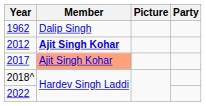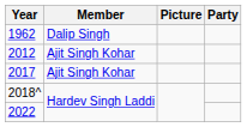 <table class="wikitable sortable">
 <tr>
 <th>Year</th>
 <th>Member</th>
 <th>Picture</th>
 <th colspan="2">Party</th>
 </tr>
 <tr>
 <td><a href='#'>1962</a></td>
 <td><a href='#'>Dalip Singh</a></td>
 <td></td>
 <td></td>
 </tr>
 <tr>
 <td><a href='#'>2012</a></td>
-<td><strong><a href='#'>Ajit Singh Kohar</a></strong></td>
+<td><a href='#'>Ajit Singh Kohar</a></td>
 <td></td>
 <td></td>
 </tr>
 <tr>
 <td><a href='#'>2017</a></td>
-<td style="background: lightsalmon;"><a href='#'>Ajit Singh Kohar</a></td>
+<td><a href='#'>Ajit Singh Kohar</a></td>
 <td></td>
 <td></td>
 </tr>
 <tr>
 <td>2018^</td>
 <td rowspan=2><a href='#'>Hardev Singh Laddi</a></td>
 <td rowspan="2"></td>
 <td></td>
 </tr>
 <tr>
 <td><a href='#'>2022</a></td>
 </tr>
 </table>
